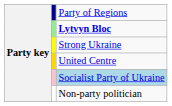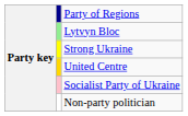 <table class=wikitable>
 <tr>
 <th rowspan=6>Party key</th>
 <td style="background:darkblue"></td>
 <td><a href='#'>Party of Regions</a></td>
 </tr>
 <tr>
 <td style="background:lightgreen"></td>
-<td><strong><a href='#'>Lytvyn Bloc</a></strong></td>
+<td><a href='#'>Lytvyn Bloc</a></td>
 </tr>
 <tr>
 <td style="background:yellow"></td>
 <td><a href='#'>Strong Ukraine</a></td>
 </tr>
 <tr>
 <td style="background:gold"></td>
 <td><a href='#'>United Centre</a></td>
 </tr>
 <tr>
 <td style="background:pink"></td>
-<td style="background: lightblue;"><a href='#'>Socialist Party of Ukraine</a></td>
+<td><a href='#'>Socialist Party of Ukraine</a></td>
 </tr>
 <tr>
 <td style="background:white"></td>
 <td>Non-party politician</td>
 </tr>
 </table>
